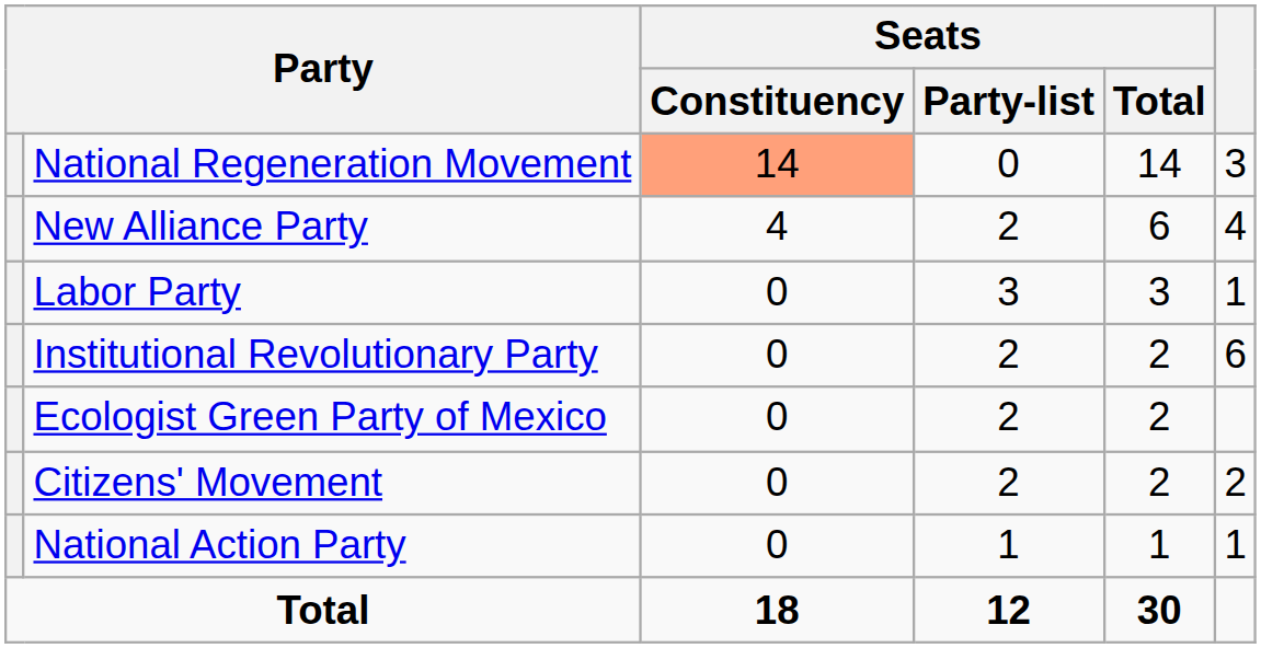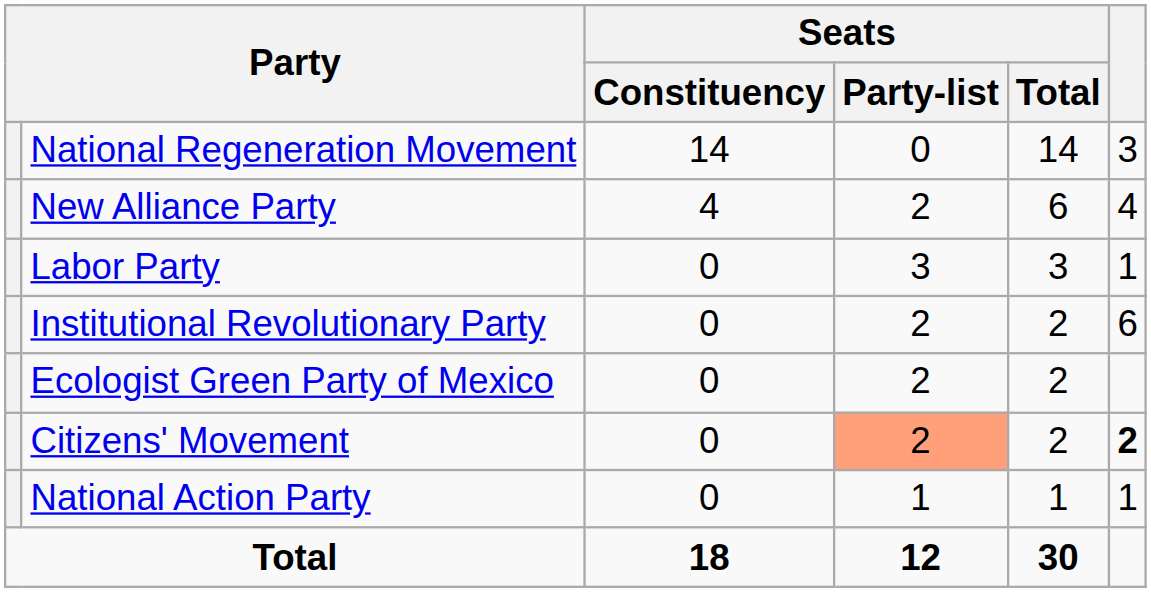 <table class="wikitable" style="text-align:center;">
 <tr>
 <th colspan="2" rowspan="2">Party</th>
 <th colspan="3">Seats</th>
 <th rowspan="2"></th>
 </tr>
 <tr>
 <th style="width:3em"><strong>Constituency</strong></th>
 <th>Party-list</th>
 <th>Total</th>
 </tr>
 <tr>
 <th style="background-color:"></th>
 <td style="text-align:left;"><a href='#'>National Regeneration Movement</a></td>
-<td style="background: lightsalmon;">14</td>
+<td>14</td>
 <td>0</td>
 <td>14</td>
 <td> 3</td>
 </tr>
 <tr>
 <th style="background-color:"></th>
 <td style="text-align:left;"><a href='#'>New Alliance Party</a></td>
 <td>4</td>
 <td>2</td>
 <td>6</td>
 <td> 4</td>
 </tr>
 <tr>
 <th style="background-color:"></th>
 <td style="text-align:left;"><a href='#'>Labor Party</a></td>
 <td>0</td>
 <td>3</td>
 <td>3</td>
 <td> 1</td>
 </tr>
 <tr>
 <th style="background-color:"></th>
 <td style="text-align:left;"><a href='#'>Institutional Revolutionary Party</a></td>
 <td>0</td>
 <td>2</td>
 <td>2</td>
 <td> 6</td>
 </tr>
 <tr>
 <th style="background-color:"></th>
 <td style="text-align:left;"><a href='#'>Ecologist Green Party of Mexico</a></td>
 <td>0</td>
 <td>2</td>
 <td>2</td>
 <td></td>
 </tr>
 <tr>
 <th style="background-color:"></th>
 <td style="text-align:left;"><a href='#'>Citizens' Movement</a></td>
 <td>0</td>
+<td style="background: lightsalmon;">2</td>
 <td>2</td>
-<td>2</td>
-<td> 2</td>
+<td><strong> 2</strong></td>
 </tr>
 <tr>
 <th style="background-color:"></th>
 <td style="text-align:left;"><a href='#'>National Action Party</a></td>
 <td>0</td>
 <td>1</td>
 <td>1</td>
 <td> 1</td>
 </tr>
 <tr>
 <td colspan="2"><strong>Total</strong></td>
 <td><strong>18</strong></td>
 <td><strong>12</strong></td>
 <td><strong>30</strong></td>
 <td></td>
 </tr>
 </table>
